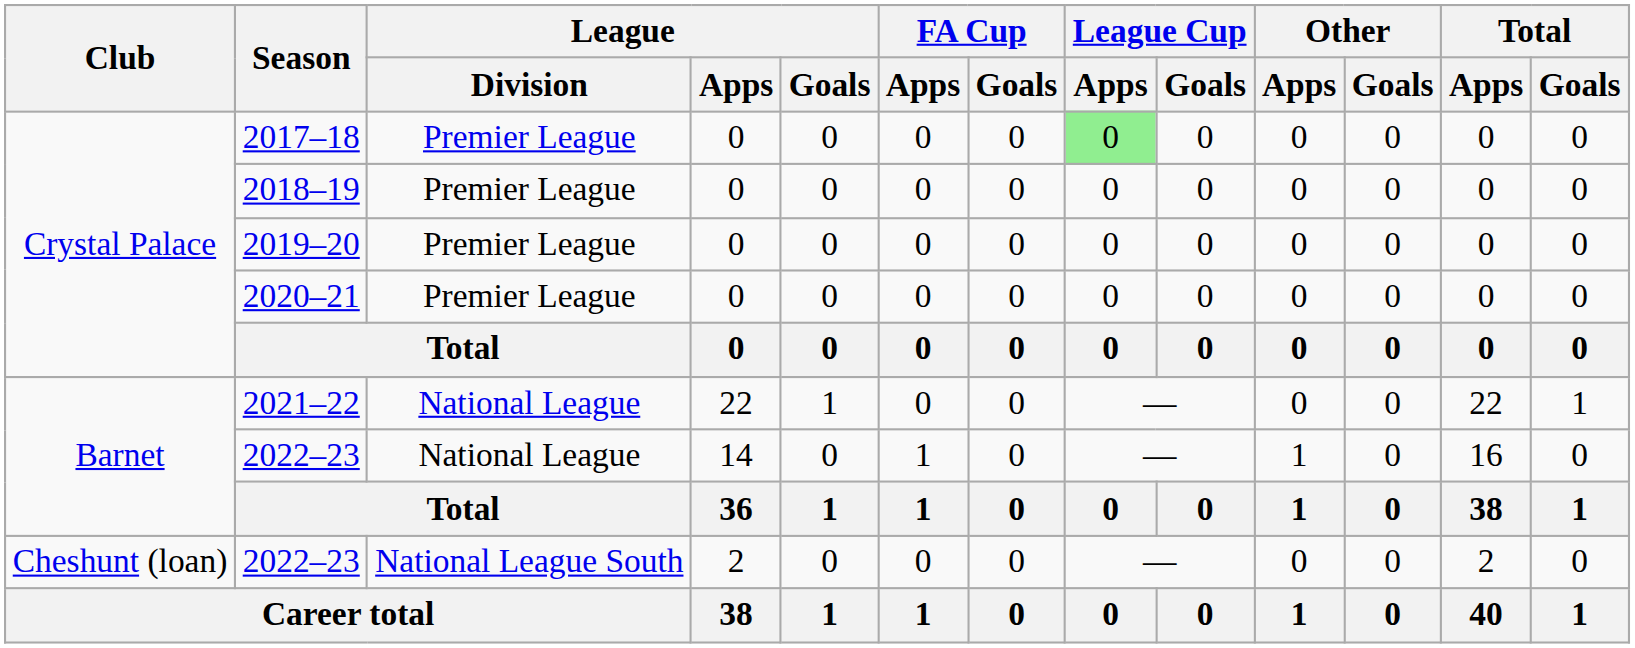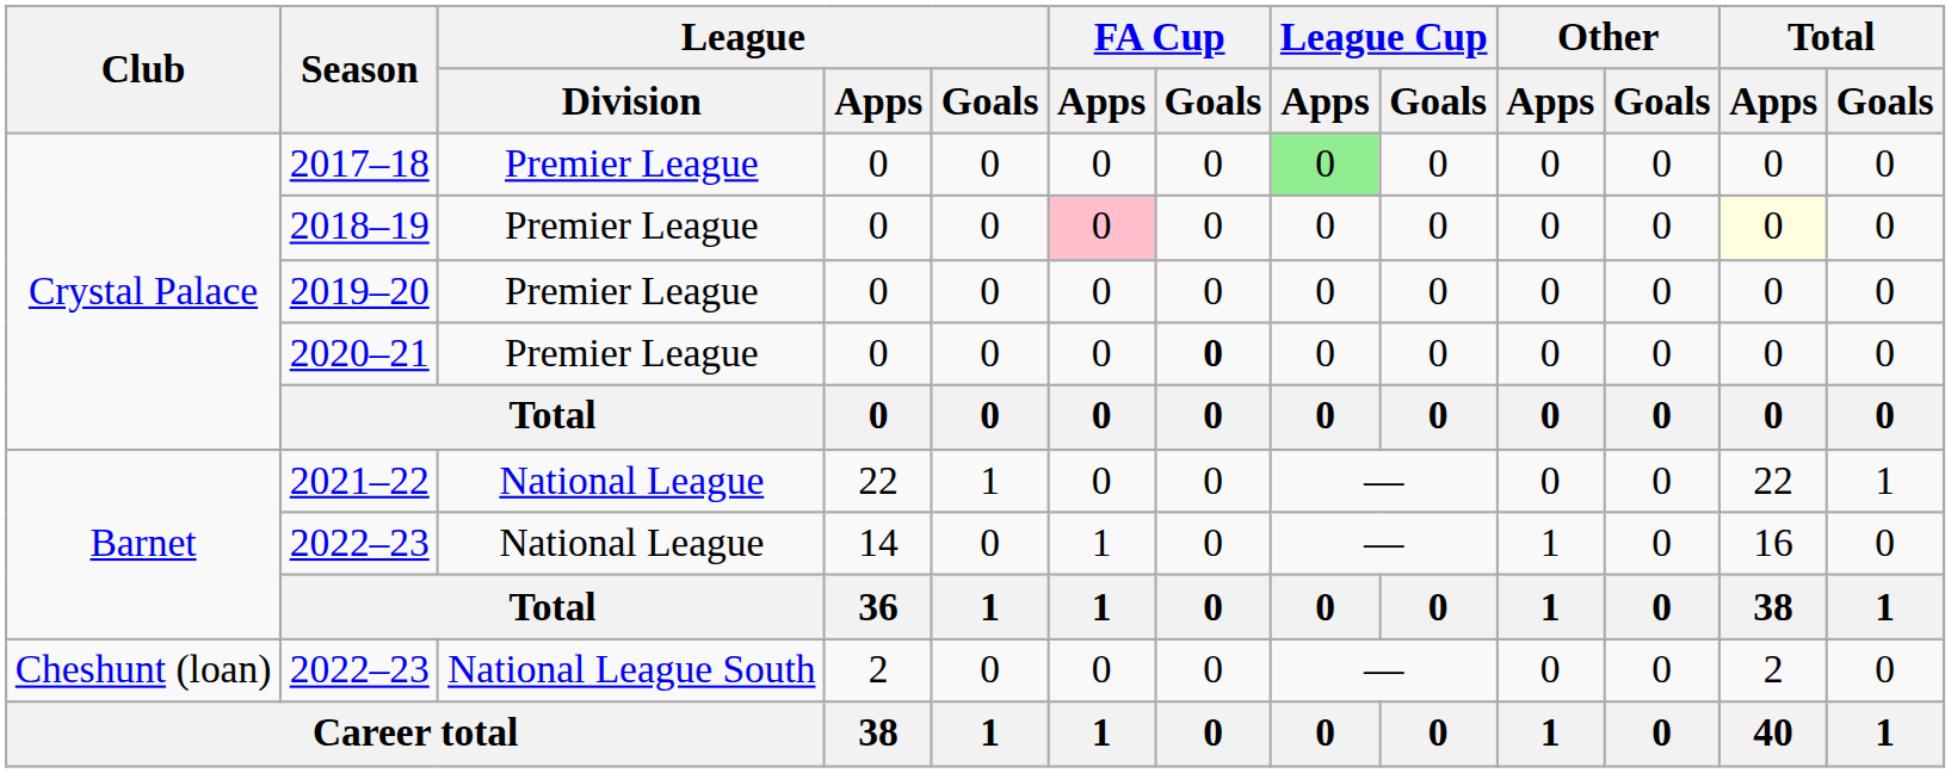 <table class="wikitable" style="text-align: center;">
 <tr>
 <th rowspan=2>Club</th>
 <th rowspan=2>Season</th>
 <th colspan=3>League</th>
 <th colspan=2><a href='#'>FA Cup</a></th>
 <th colspan=2><a href='#'>League Cup</a></th>
 <th colspan=2>Other</th>
 <th colspan=2>Total</th>
 </tr>
 <tr>
 <th>Division</th>
 <th>Apps</th>
 <th>Goals</th>
 <th>Apps</th>
 <th>Goals</th>
 <th>Apps</th>
 <th>Goals</th>
 <th>Apps</th>
 <th>Goals</th>
 <th>Apps</th>
 <th>Goals</th>
 </tr>
 <tr>
 <td rowspan="5"><a href='#'>Crystal Palace</a></td>
 <td><a href='#'>2017–18</a></td>
 <td><a href='#'>Premier League</a></td>
 <td>0</td>
 <td>0</td>
 <td>0</td>
 <td>0</td>
 <td style="background: lightgreen;">0</td>
 <td>0</td>
 <td>0</td>
 <td>0</td>
 <td>0</td>
 <td>0</td>
 </tr>
 <tr>
 <td><a href='#'>2018–19</a></td>
 <td>Premier League</td>
 <td>0</td>
 <td>0</td>
+<td style="background: pink;">0</td>
 <td>0</td>
 <td>0</td>
 <td>0</td>
 <td>0</td>
 <td>0</td>
-<td>0</td>
-<td>0</td>
+<td style="background: lightyellow;">0</td>
 <td>0</td>
 </tr>
 <tr>
 <td><a href='#'>2019–20</a></td>
 <td>Premier League</td>
 <td>0</td>
 <td>0</td>
 <td>0</td>
 <td>0</td>
 <td>0</td>
 <td>0</td>
 <td>0</td>
 <td>0</td>
 <td>0</td>
 <td>0</td>
 </tr>
 <tr>
 <td><a href='#'>2020–21</a></td>
 <td>Premier League</td>
 <td>0</td>
 <td>0</td>
 <td>0</td>
-<td>0</td>
+<td><strong>0</strong></td>
 <td>0</td>
 <td>0</td>
 <td>0</td>
 <td>0</td>
 <td>0</td>
 <td>0</td>
 </tr>
 <tr>
 <th colspan=2>Total</th>
 <th>0</th>
 <th>0</th>
 <th>0</th>
 <th>0</th>
 <th>0</th>
 <th>0</th>
 <th>0</th>
 <th>0</th>
 <th>0</th>
 <th>0</th>
 </tr>
 <tr>
 <td rowspan="3"><a href='#'>Barnet</a></td>
 <td><a href='#'>2021–22</a></td>
 <td><a href='#'>National League</a></td>
 <td>22</td>
 <td>1</td>
 <td>0</td>
 <td>0</td>
 <td colspan="2">—</td>
 <td>0</td>
 <td>0</td>
 <td>22</td>
 <td>1</td>
 </tr>
 <tr>
 <td><a href='#'>2022–23</a></td>
 <td>National League</td>
 <td>14</td>
 <td>0</td>
 <td>1</td>
 <td>0</td>
 <td colspan="2">—</td>
 <td>1</td>
 <td>0</td>
 <td>16</td>
 <td>0</td>
 </tr>
 <tr>
 <th colspan=2>Total</th>
 <th>36</th>
 <th>1</th>
 <th>1</th>
 <th>0</th>
 <th>0</th>
 <th>0</th>
 <th>1</th>
 <th>0</th>
 <th>38</th>
 <th>1</th>
 </tr>
 <tr>
 <td rowspan="1"><a href='#'>Cheshunt</a> (loan)</td>
 <td><a href='#'>2022–23</a></td>
 <td><a href='#'>National League South</a></td>
 <td>2</td>
 <td>0</td>
 <td>0</td>
 <td>0</td>
 <td colspan="2">—</td>
 <td>0</td>
 <td>0</td>
 <td>2</td>
 <td>0</td>
 </tr>
 <tr>
 <th colspan=3>Career total</th>
 <th>38</th>
 <th>1</th>
 <th>1</th>
 <th>0</th>
 <th>0</th>
 <th>0</th>
 <th>1</th>
 <th>0</th>
 <th>40</th>
 <th>1</th>
 </tr>
 </table>
